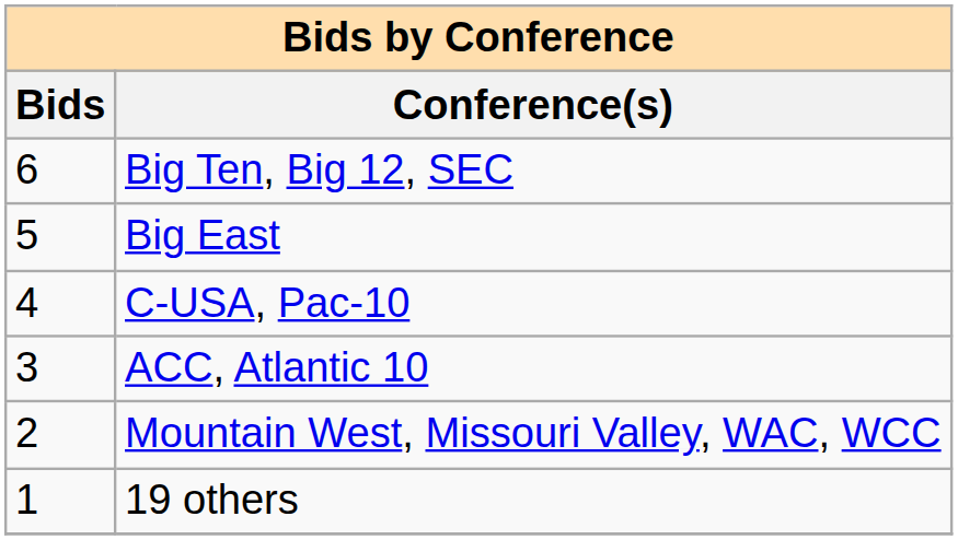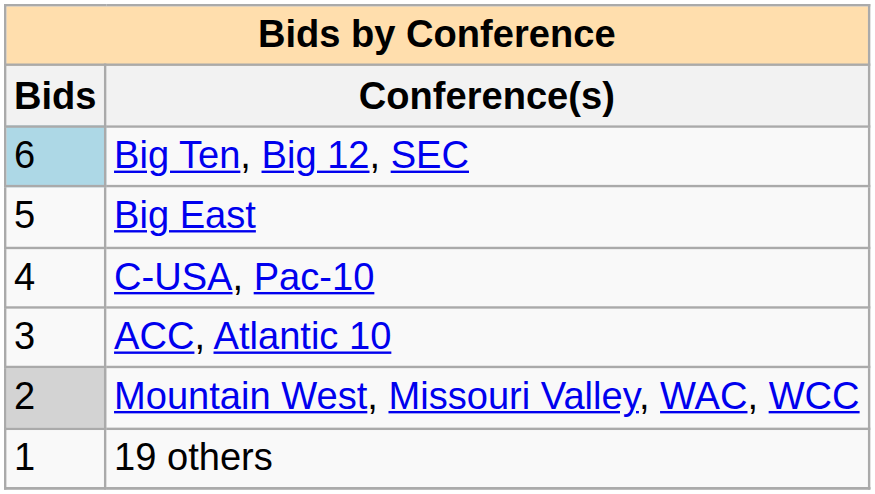 <table class="wikitable">
 <tr>
 <th colspan="5" style="background:#ffdead;">Bids by Conference</th>
 </tr>
 <tr>
 <th>Bids</th>
 <th>Conference(s)</th>
 </tr>
 <tr>
-<td>6</td>
+<td style="background: lightblue;">6</td>
 <td><a href='#'>Big Ten</a>, <a href='#'>Big 12</a>, <a href='#'>SEC</a></td>
 </tr>
 <tr>
 <td>5</td>
 <td><a href='#'>Big East</a></td>
 </tr>
 <tr>
 <td>4</td>
 <td><a href='#'>C-USA</a>, <a href='#'>Pac-10</a></td>
 </tr>
 <tr>
 <td>3</td>
 <td><a href='#'>ACC</a>, <a href='#'>Atlantic 10</a></td>
 </tr>
 <tr>
-<td>2</td>
+<td style="background: lightgrey;">2</td>
 <td><a href='#'>Mountain West</a>, <a href='#'>Missouri Valley</a>, <a href='#'>WAC</a>, <a href='#'>WCC</a></td>
 </tr>
 <tr>
 <td>1</td>
 <td>19 others</td>
 </tr>
 <tr>
 </tr>
 </table>
